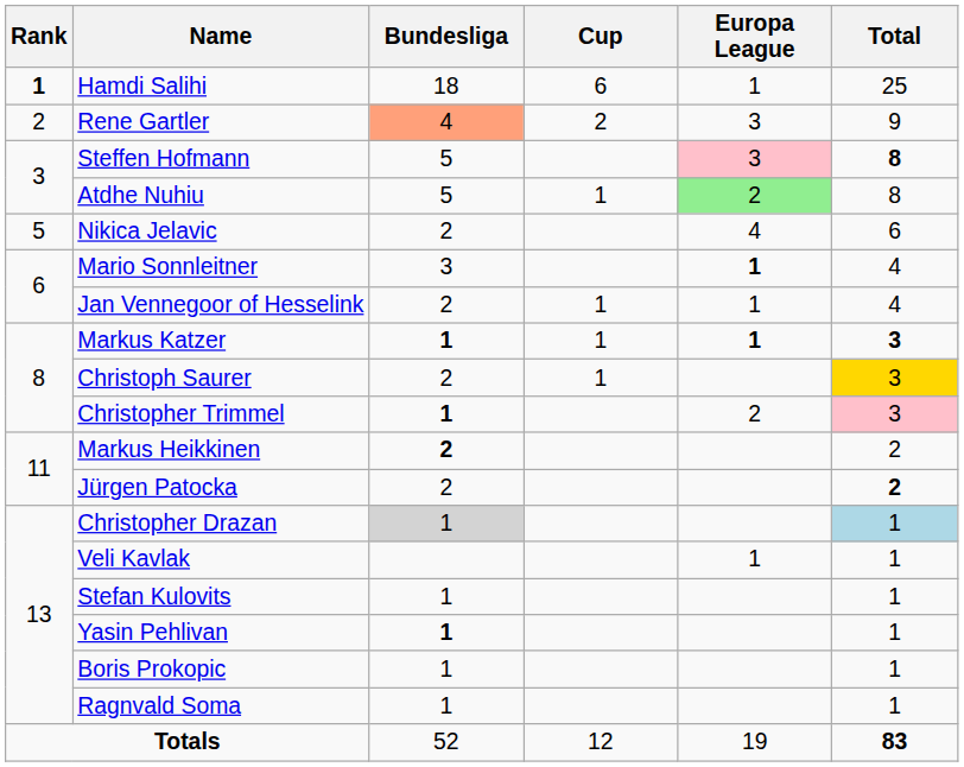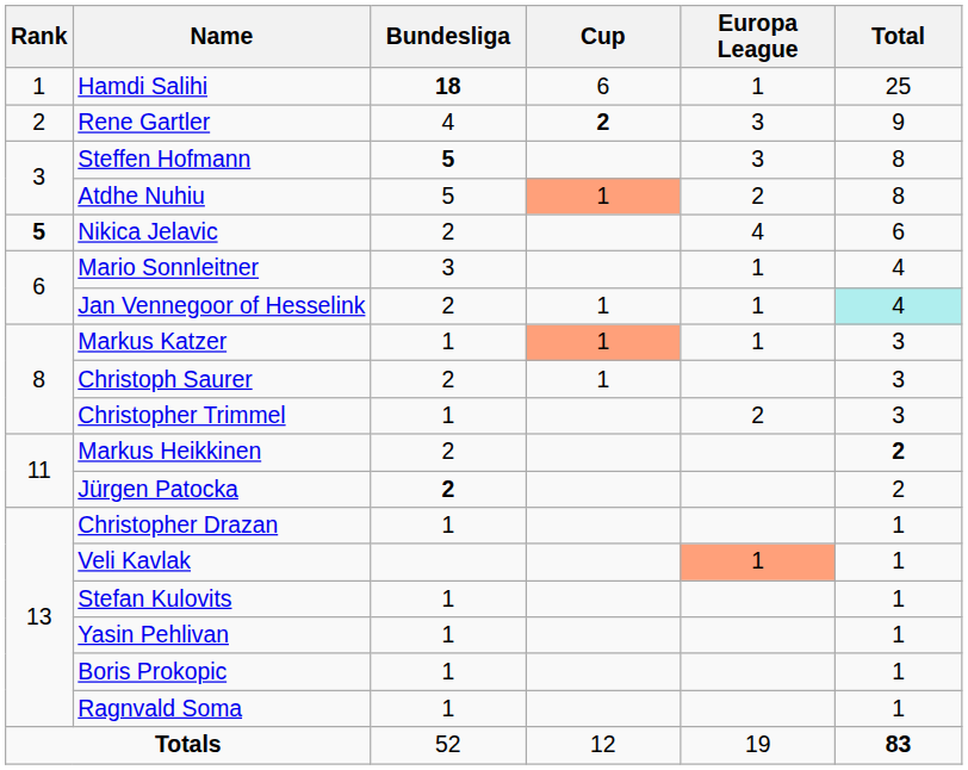 <table class="wikitable" style="text-align: center;">
 <tr>
 <th>Rank</th>
 <th>Name</th>
 <th width=100>Bundesliga</th>
 <th width=100>Cup</th>
 <th width=100>Europa League</th>
 <th width=80><strong>Total</strong></th>
 </tr>
 <tr>
-<td><strong>1</strong></td>
+<td>1</td>
 <td align="left"> <a href='#'>Hamdi Salihi</a></td>
-<td>18</td>
+<td><strong>18</strong></td>
 <td>6</td>
 <td>1</td>
 <td>25</td>
 </tr>
 <tr>
 <td>2</td>
 <td align="left"> <a href='#'>Rene Gartler</a></td>
-<td style="background: lightsalmon;">4</td>
-<td>2</td>
+<td>4</td>
+<td><strong>2</strong></td>
 <td>3</td>
 <td>9</td>
 </tr>
 <tr>
 <td rowspan="2">3</td>
 <td align="left"> <a href='#'>Steffen Hofmann</a></td>
-<td>5</td>
+<td><strong>5</strong></td>
 <td></td>
-<td style="background: pink;">3</td>
-<td><strong>8</strong></td>
+<td>3</td>
+<td>8</td>
 </tr>
 <tr>
 <td align="left"> <a href='#'>Atdhe Nuhiu</a></td>
 <td>5</td>
-<td>1</td>
-<td style="background: lightgreen;">2</td>
+<td style="background: lightsalmon;">1</td>
+<td>2</td>
 <td>8</td>
 </tr>
 <tr>
-<td>5</td>
+<td><strong>5</strong></td>
 <td align="left"> <a href='#'>Nikica Jelavic</a></td>
 <td>2</td>
 <td></td>
 <td>4</td>
 <td>6</td>
 </tr>
 <tr>
 <td rowspan="2">6</td>
 <td align="left"> <a href='#'>Mario Sonnleitner</a></td>
 <td>3</td>
 <td></td>
-<td><strong>1</strong></td>
+<td>1</td>
 <td>4</td>
 </tr>
 <tr>
 <td align="left"> <a href='#'>Jan Vennegoor of Hesselink</a></td>
 <td>2</td>
 <td>1</td>
 <td>1</td>
-<td>4</td>
+<td style="background: paleturquoise;">4</td>
 </tr>
 <tr>
 <td rowspan="3">8</td>
 <td align="left"> <a href='#'>Markus Katzer</a></td>
-<td><strong>1</strong></td>
 <td>1</td>
-<td><strong>1</strong></td>
-<td><strong>3</strong></td>
+<td style="background: lightsalmon;">1</td>
+<td>1</td>
+<td>3</td>
 </tr>
 <tr>
 <td align="left"> <a href='#'>Christoph Saurer</a></td>
 <td>2</td>
 <td>1</td>
 <td></td>
-<td style="background: gold;">3</td>
+<td>3</td>
 </tr>
 <tr>
 <td align="left"> <a href='#'>Christopher Trimmel</a></td>
-<td><strong>1</strong></td>
+<td>1</td>
 <td></td>
 <td>2</td>
-<td style="background: pink;">3</td>
+<td>3</td>
 </tr>
 <tr>
 <td rowspan="2">11</td>
 <td align="left"> <a href='#'>Markus Heikkinen</a></td>
+<td>2</td>
+<td></td>
+<td></td>
+<td><strong>2</strong></td>
+</tr>
+<tr>
+<td align="left"> <a href='#'>Jürgen Patocka</a></td>
 <td><strong>2</strong></td>
 <td></td>
 <td></td>
 <td>2</td>
 </tr>
 <tr>
-<td align="left"> <a href='#'>Jürgen Patocka</a></td>
-<td>2</td>
+<td rowspan="6">13</td>
+<td align="left"> <a href='#'>Christopher Drazan</a></td>
+<td>1</td>
 <td></td>
 <td></td>
-<td><strong>2</strong></td>
-</tr>
-<tr>
-<td rowspan="6">13</td>
-<td align="left"> <a href='#'>Christopher Drazan</a></td>
-<td style="background: lightgrey;">1</td>
-<td></td>
-<td></td>
-<td style="background: lightblue;">1</td>
+<td>1</td>
 </tr>
 <tr>
 <td align="left"> <a href='#'>Veli Kavlak</a></td>
 <td></td>
 <td></td>
-<td>1</td>
+<td style="background: lightsalmon;">1</td>
 <td>1</td>
 </tr>
 <tr>
 <td align="left"> <a href='#'>Stefan Kulovits</a></td>
 <td>1</td>
 <td></td>
 <td></td>
 <td>1</td>
 </tr>
 <tr>
 <td align="left"> <a href='#'>Yasin Pehlivan</a></td>
-<td><strong>1</strong></td>
+<td>1</td>
 <td></td>
 <td></td>
 <td>1</td>
 </tr>
 <tr>
 <td align="left"> <a href='#'>Boris Prokopic</a></td>
 <td>1</td>
 <td></td>
 <td></td>
 <td>1</td>
 </tr>
 <tr>
 <td align="left"> <a href='#'>Ragnvald Soma</a></td>
 <td>1</td>
 <td></td>
 <td></td>
 <td>1</td>
 </tr>
 <tr>
 <td colspan="2"><strong>Totals</strong></td>
 <td>52</td>
 <td>12</td>
 <td>19</td>
 <td><strong>83</strong></td>
 </tr>
 </table>
